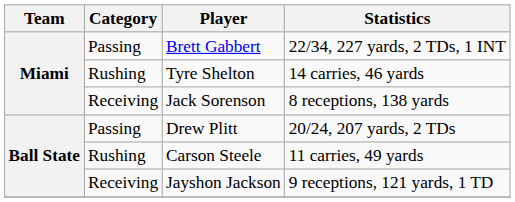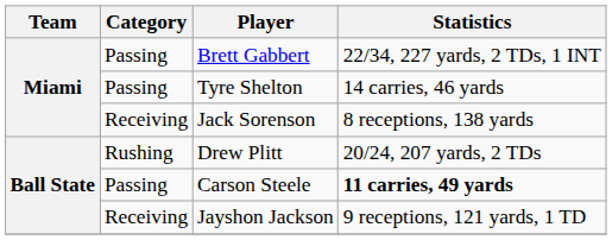 <table class="wikitable" style="float: left;">
 <tr>
 <th>Team</th>
 <th>Category</th>
 <th>Player</th>
 <th>Statistics</th>
 </tr>
 <tr>
 <th rowspan=3>Miami</th>
 <td>Passing</td>
 <td><a href='#'>Brett Gabbert</a></td>
 <td>22/34, 227 yards, 2 TDs, 1 INT</td>
 </tr>
 <tr>
-<td>Rushing</td>
+<td>Passing</td>
 <td>Tyre Shelton</td>
 <td>14 carries, 46 yards</td>
 </tr>
 <tr>
 <td>Receiving</td>
 <td>Jack Sorenson</td>
 <td>8 receptions, 138 yards</td>
 </tr>
 <tr>
 <th rowspan=3 style=>Ball State</th>
-<td>Passing</td>
+<td>Rushing</td>
 <td>Drew Plitt</td>
 <td>20/24, 207 yards, 2 TDs</td>
 </tr>
 <tr>
-<td>Rushing</td>
+<td>Passing</td>
 <td>Carson Steele</td>
-<td>11 carries, 49 yards</td>
+<td><strong>11 carries, 49 yards</strong></td>
 </tr>
 <tr>
 <td>Receiving</td>
 <td>Jayshon Jackson</td>
 <td>9 receptions, 121 yards, 1 TD</td>
 </tr>
 <tr>
 </tr>
 </table>
